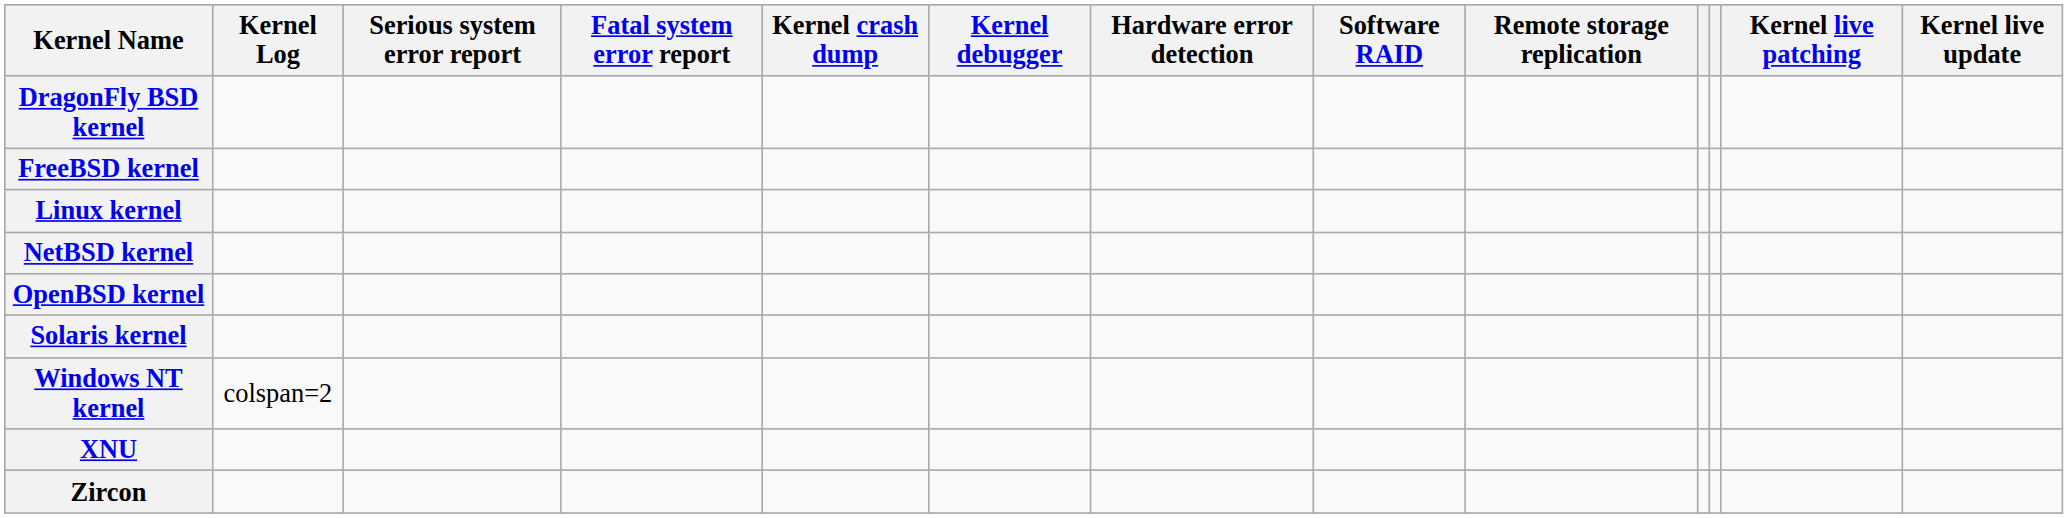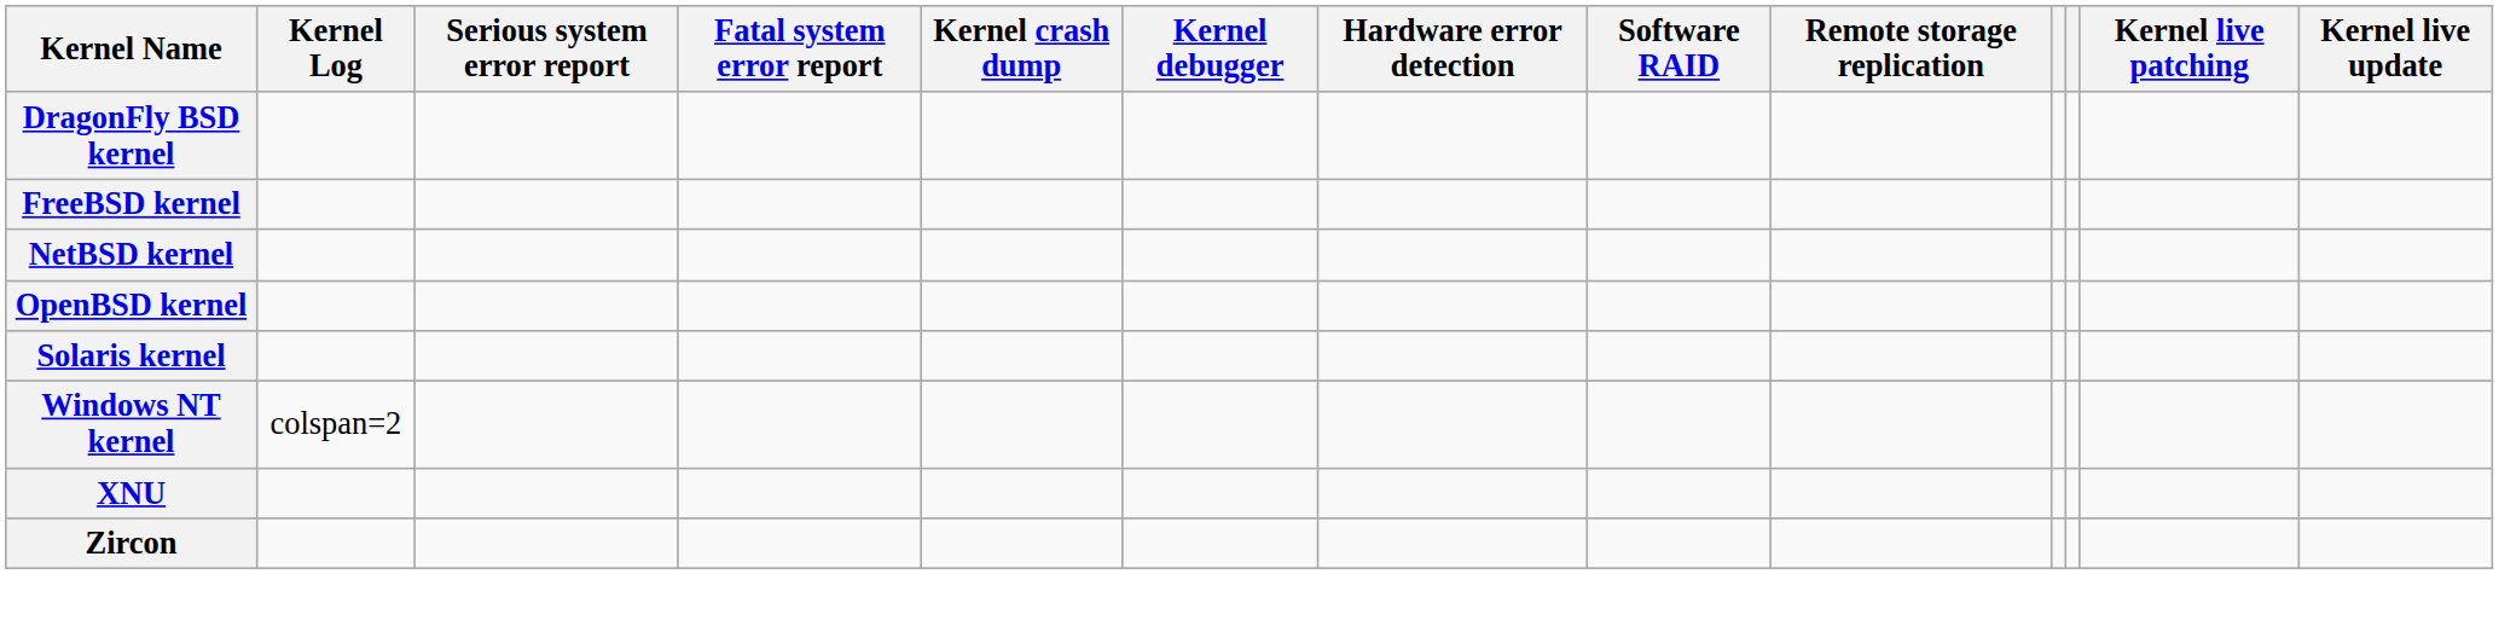 <table class="sortable sort-under wikitable" style="text-align: center; width: auto">
 <tr>
 <th>Kernel Name</th>
 <th>Kernel Log </th>
 <th>Serious system error report</th>
 <th><a href='#'>Fatal system error</a> report</th>
 <th>Kernel <a href='#'>crash dump</a></th>
 <th><a href='#'>Kernel debugger</a></th>
 <th>Hardware error detection</th>
 <th>Software <a href='#'>RAID</a></th>
 <th>Remote storage replication</th>
 <th></th>
 <th></th>
 <th>Kernel <a href='#'>live patching</a></th>
 <th>Kernel live update</th>
 </tr>
 <tr>
 <th><a href='#'>DragonFly BSD kernel</a></th>
 <td></td>
 <td><sub></sub></td>
 <td></td>
 <td></td>
 <td></td>
 <td></td>
 <td></td>
 <td></td>
 <td></td>
 <td></td>
 <td></td>
 <td></td>
 </tr>
 <tr>
 <th><a href='#'>FreeBSD kernel</a></th>
-<td></td>
-<td></td>
-<td></td>
-<td></td>
-<td></td>
-<td></td>
-<td></td>
-<td></td>
-<td></td>
-<td></td>
-<td></td>
-<td></td>
-</tr>
-<tr>
-<th><a href='#'>Linux kernel</a></th>
 <td></td>
 <td></td>
 <td></td>
 <td></td>
 <td></td>
 <td></td>
 <td></td>
 <td></td>
 <td></td>
 <td></td>
 <td></td>
 <td></td>
 </tr>
 <tr>
 <th><a href='#'>NetBSD kernel</a></th>
 <td></td>
 <td></td>
 <td></td>
 <td></td>
 <td></td>
 <td></td>
 <td></td>
 <td></td>
 <td></td>
 <td></td>
 <td></td>
 <td></td>
 </tr>
 <tr>
 <th><a href='#'>OpenBSD kernel</a></th>
 <td></td>
 <td></td>
 <td></td>
 <td></td>
 <td></td>
 <td></td>
 <td></td>
 <td></td>
 <td></td>
 <td></td>
 <td></td>
 <td></td>
 </tr>
 <tr>
 <th><a href='#'>Solaris kernel</a></th>
 <td></td>
 <td></td>
 <td></td>
 <td></td>
 <td></td>
 <td></td>
 <td></td>
 <td></td>
 <td></td>
 <td></td>
 <td></td>
 <td></td>
 </tr>
 <tr>
 <th><a href='#'>Windows NT kernel</a></th>
 <td>colspan=2 </td>
 <td></td>
 <td></td>
 <td></td>
 <td></td>
 <td></td>
 <td></td>
 <td></td>
 <td></td>
 <td></td>
 <td></td>
 </tr>
 <tr>
 <th><a href='#'>XNU</a></th>
 <td></td>
 <td></td>
 <td></td>
 <td></td>
 <td></td>
 <td></td>
 <td></td>
 <td></td>
 <td></td>
 <td></td>
 <td></td>
 <td></td>
 </tr>
 <tr>
 <th>Zircon</th>
 <td></td>
 <td></td>
 <td></td>
 <td></td>
 <td></td>
 <td></td>
 <td></td>
 <td></td>
 <td></td>
 <td></td>
 <td></td>
 <td></td>
 </tr>
 </table>
